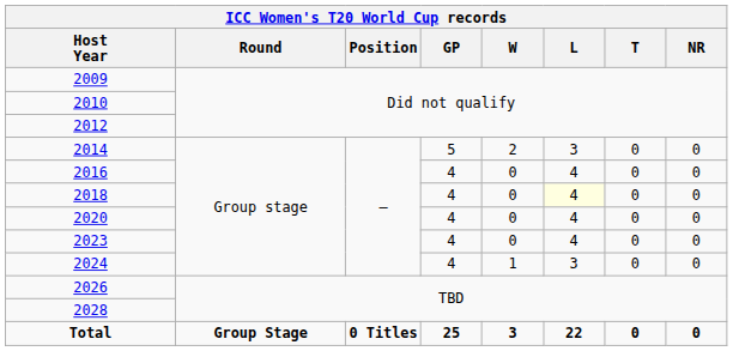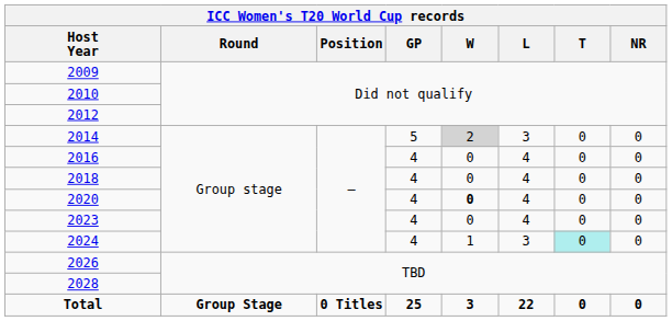 <table class="wikitable" style="text-align: center; width=900px;">
 <tr>
 <th colspan="8"><a href='#'>ICC Women's T20 World Cup</a> records</th>
 </tr>
 <tr>
 <th width=150>Host<br>Year</th>
 <th width=150>Round</th>
 <th width=50>Position</th>
 <th width=50>GP</th>
 <th width=50>W</th>
 <th width=50>L</th>
 <th width=50>T</th>
 <th width=50>NR</th>
 </tr>
 <tr>
 <td> <a href='#'>2009</a></td>
 <td colspan=7  rowspan=3>Did not qualify</td>
 </tr>
 <tr>
 <td> <a href='#'>2010</a></td>
 </tr>
 <tr>
 <td> <a href='#'>2012</a></td>
 </tr>
 <tr>
 <td> <a href='#'>2014</a></td>
 <td rowspan="6">Group stage</td>
 <td rowspan="6">–</td>
 <td>5</td>
-<td>2</td>
+<td style="background: lightgrey;">2</td>
 <td>3</td>
 <td>0</td>
 <td>0</td>
 </tr>
 <tr>
 <td> <a href='#'>2016</a></td>
 <td>4</td>
 <td>0</td>
 <td>4</td>
 <td>0</td>
 <td>0</td>
 </tr>
 <tr>
 <td> <a href='#'>2018</a></td>
 <td>4</td>
 <td>0</td>
-<td style="background: lightyellow;">4</td>
+<td>4</td>
 <td>0</td>
 <td>0</td>
 </tr>
 <tr>
 <td> <a href='#'>2020</a></td>
 <td>4</td>
-<td>0</td>
+<td><strong>0</strong></td>
 <td>4</td>
 <td>0</td>
 <td>0</td>
 </tr>
 <tr>
 <td> <a href='#'>2023</a></td>
 <td>4</td>
 <td>0</td>
 <td>4</td>
 <td>0</td>
 <td>0</td>
 </tr>
 <tr>
 <td> <a href='#'>2024</a></td>
 <td>4</td>
 <td>1</td>
 <td>3</td>
-<td>0</td>
+<td style="background: paleturquoise;">0</td>
 <td>0</td>
 </tr>
 <tr>
 <td> <a href='#'>2026</a></td>
 <td rowspan =2 colspan="7">TBD</td>
 </tr>
 <tr>
 <td> <a href='#'>2028</a></td>
 </tr>
 <tr>
 <td><strong>Total</strong></td>
 <td><strong>Group Stage</strong></td>
 <td><strong>0 Titles</strong></td>
 <td><strong>25</strong></td>
 <td><strong>3</strong></td>
 <td><strong>22</strong></td>
 <td><strong>0</strong></td>
 <td><strong>0</strong></td>
 </tr>
 </table>
